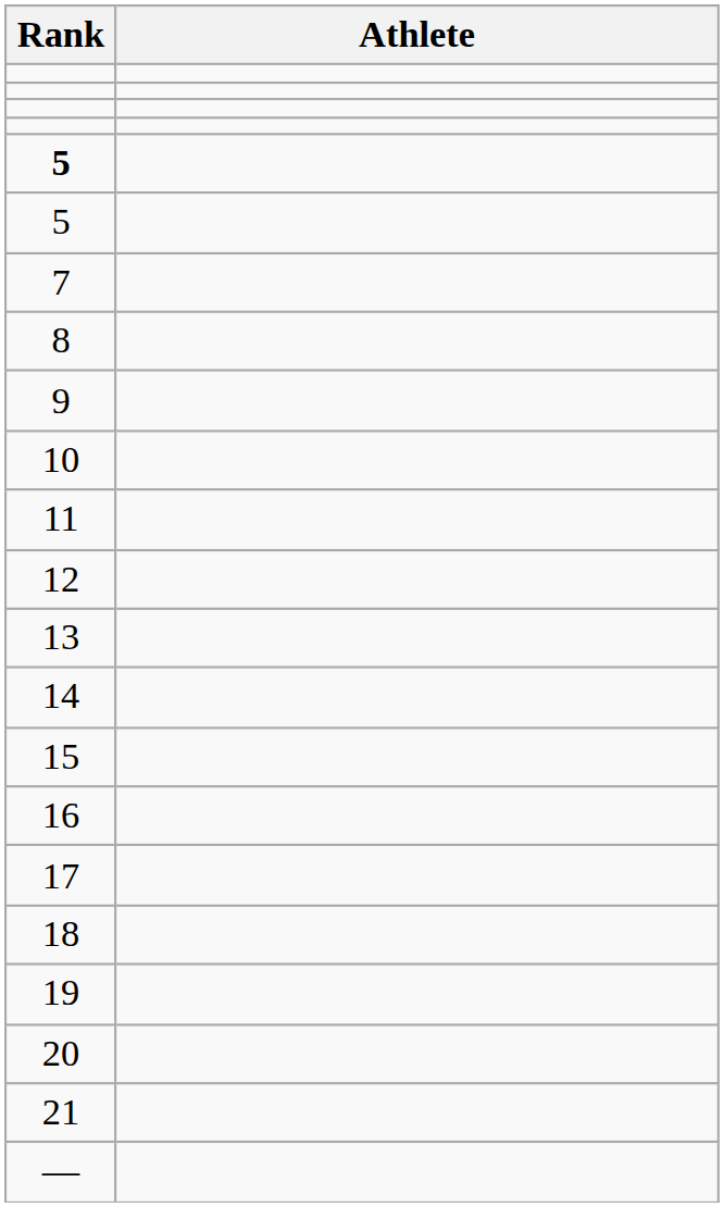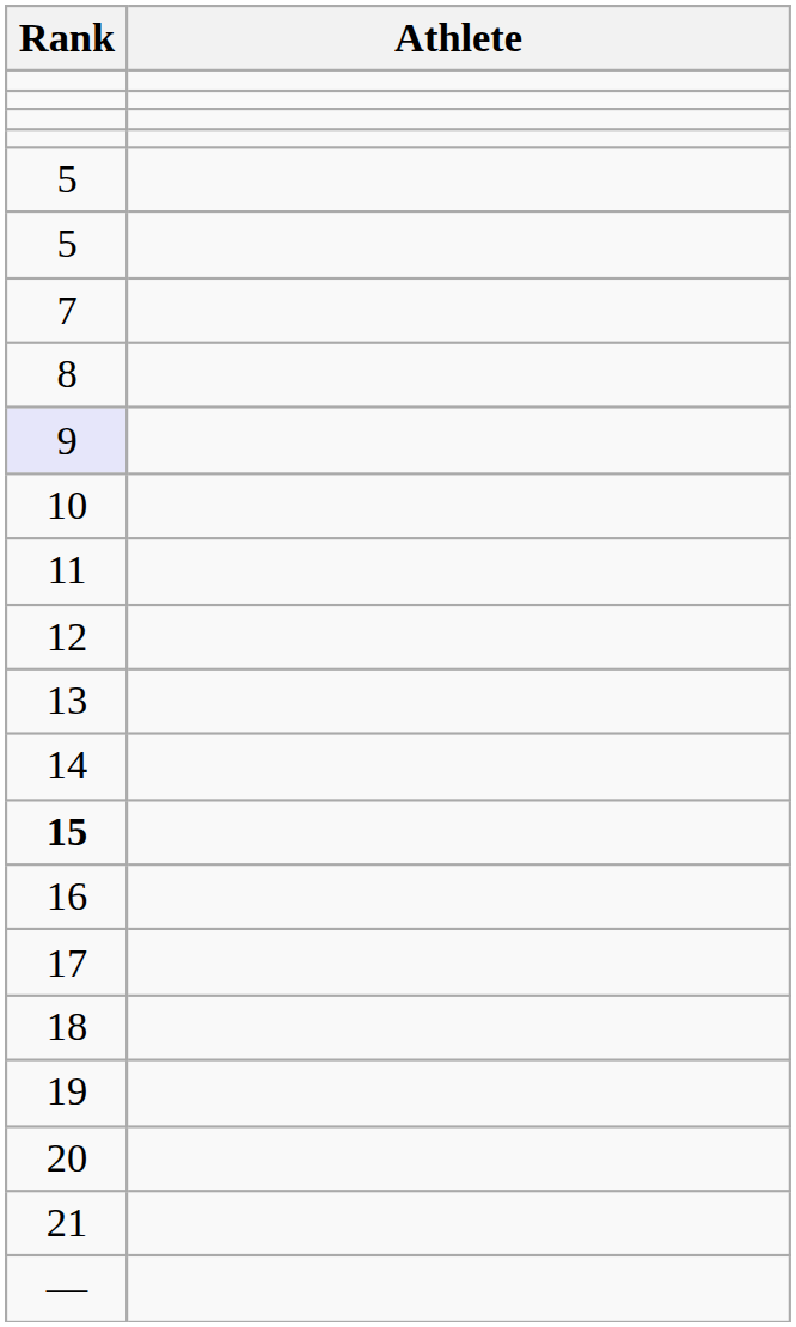 <table class="wikitable" style="text-align: center;">
 <tr>
 <th width=40>Rank</th>
 <th width=250>Athlete</th>
 </tr>
 <tr>
 <td></td>
 <td align="left"></td>
 </tr>
 <tr>
 <td></td>
 <td align="left"></td>
 </tr>
 <tr>
 <td></td>
 <td align="left"></td>
 </tr>
 <tr>
 <td></td>
 <td align="left"></td>
 </tr>
 <tr>
-<td><strong>5</strong></td>
+<td>5</td>
 <td align="left"></td>
 </tr>
 <tr>
 <td>5</td>
 <td align="left"></td>
 </tr>
 <tr>
 <td>7</td>
 <td align="left"></td>
 </tr>
 <tr>
 <td>8</td>
 <td align="left"></td>
 </tr>
 <tr>
-<td>9</td>
+<td style="background: lavender;">9</td>
 <td align="left"></td>
 </tr>
 <tr>
 <td>10</td>
 <td align="left"></td>
 </tr>
 <tr>
 <td>11</td>
 <td align="left"></td>
 </tr>
 <tr>
 <td>12</td>
 <td align="left"></td>
 </tr>
 <tr>
 <td>13</td>
 <td align="left"></td>
 </tr>
 <tr>
 <td>14</td>
 <td align="left"></td>
 </tr>
 <tr>
-<td>15</td>
+<td><strong>15</strong></td>
 <td align="left"></td>
 </tr>
 <tr>
 <td>16</td>
 <td align="left"></td>
 </tr>
 <tr>
 <td>17</td>
 <td align="left"></td>
 </tr>
 <tr>
 <td>18</td>
 <td align="left"></td>
 </tr>
 <tr>
 <td>19</td>
 <td align="left"></td>
 </tr>
 <tr>
 <td>20</td>
 <td align="left"></td>
 </tr>
 <tr>
 <td>21</td>
 <td align="left"></td>
 </tr>
 <tr>
 <td>—</td>
 <td align="left"></td>
 </tr>
 </table>
